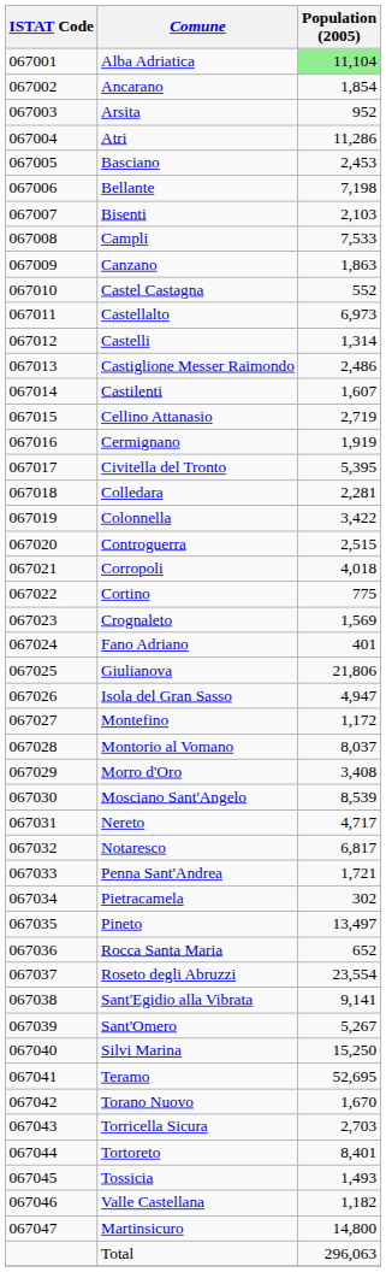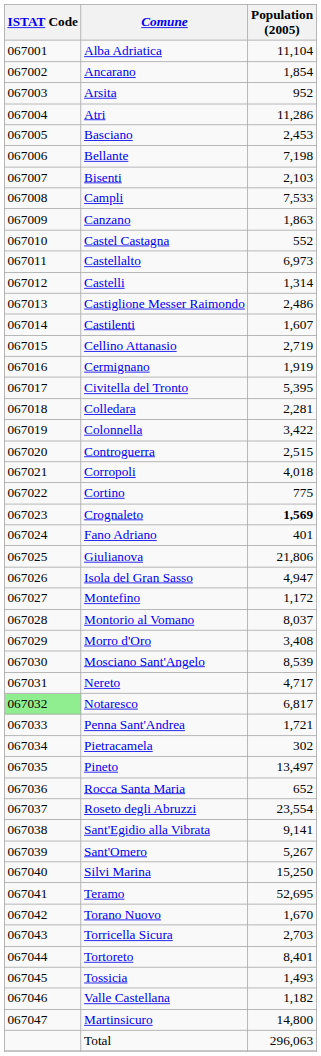 <table class="wikitable sortable">
 <tr>
 <th><a href='#'>ISTAT</a> Code</th>
 <th><em><a href='#'>Comune</a></em></th>
 <th>Population <br>(2005)</th>
 </tr>
 <tr>
 <td>067001</td>
 <td><a href='#'>Alba Adriatica</a></td>
-<td align="right" style="background: lightgreen;">11,104</td>
+<td align="right">11,104</td>
 </tr>
 <tr>
 <td>067002</td>
 <td><a href='#'>Ancarano</a></td>
 <td align="right">1,854</td>
 </tr>
 <tr>
 <td>067003</td>
 <td><a href='#'>Arsita</a></td>
 <td align="right">952</td>
 </tr>
 <tr>
 <td>067004</td>
 <td><a href='#'>Atri</a></td>
 <td align="right">11,286</td>
 </tr>
 <tr>
 <td>067005</td>
 <td><a href='#'>Basciano</a></td>
 <td align="right">2,453</td>
 </tr>
 <tr>
 <td>067006</td>
 <td><a href='#'>Bellante</a></td>
 <td align="right">7,198</td>
 </tr>
 <tr>
 <td>067007</td>
 <td><a href='#'>Bisenti</a></td>
 <td align="right">2,103</td>
 </tr>
 <tr>
 <td>067008</td>
 <td><a href='#'>Campli</a></td>
 <td align="right">7,533</td>
 </tr>
 <tr>
 <td>067009</td>
 <td><a href='#'>Canzano</a></td>
 <td align="right">1,863</td>
 </tr>
 <tr>
 <td>067010</td>
 <td><a href='#'>Castel Castagna</a></td>
 <td align="right">552</td>
 </tr>
 <tr>
 <td>067011</td>
 <td><a href='#'>Castellalto</a></td>
 <td align="right">6,973</td>
 </tr>
 <tr>
 <td>067012</td>
 <td><a href='#'>Castelli</a></td>
 <td align="right">1,314</td>
 </tr>
 <tr>
 <td>067013</td>
 <td><a href='#'>Castiglione Messer Raimondo</a></td>
 <td align="right">2,486</td>
 </tr>
 <tr>
 <td>067014</td>
 <td><a href='#'>Castilenti</a></td>
 <td align="right">1,607</td>
 </tr>
 <tr>
 <td>067015</td>
 <td><a href='#'>Cellino Attanasio</a></td>
 <td align="right">2,719</td>
 </tr>
 <tr>
 <td>067016</td>
 <td><a href='#'>Cermignano</a></td>
 <td align="right">1,919</td>
 </tr>
 <tr>
 <td>067017</td>
 <td><a href='#'>Civitella del Tronto</a></td>
 <td align="right">5,395</td>
 </tr>
 <tr>
 <td>067018</td>
 <td><a href='#'>Colledara</a></td>
 <td align="right">2,281</td>
 </tr>
 <tr>
 <td>067019</td>
 <td><a href='#'>Colonnella</a></td>
 <td align="right">3,422</td>
 </tr>
 <tr>
 <td>067020</td>
 <td><a href='#'>Controguerra</a></td>
 <td align="right">2,515</td>
 </tr>
 <tr>
 <td>067021</td>
 <td><a href='#'>Corropoli</a></td>
 <td align="right">4,018</td>
 </tr>
 <tr>
 <td>067022</td>
 <td><a href='#'>Cortino</a></td>
 <td align="right">775</td>
 </tr>
 <tr>
 <td>067023</td>
 <td><a href='#'>Crognaleto</a></td>
-<td align="right">1,569</td>
+<td align="right"><strong>1,569</strong></td>
 </tr>
 <tr>
 <td>067024</td>
 <td><a href='#'>Fano Adriano</a></td>
 <td align="right">401</td>
 </tr>
 <tr>
 <td>067025</td>
 <td><a href='#'>Giulianova</a></td>
 <td align="right">21,806</td>
 </tr>
 <tr>
 <td>067026</td>
 <td><a href='#'>Isola del Gran Sasso</a></td>
 <td align="right">4,947</td>
 </tr>
 <tr>
 <td>067027</td>
 <td><a href='#'>Montefino</a></td>
 <td align="right">1,172</td>
 </tr>
 <tr>
 <td>067028</td>
 <td><a href='#'>Montorio al Vomano</a></td>
 <td align="right">8,037</td>
 </tr>
 <tr>
 <td>067029</td>
 <td><a href='#'>Morro d'Oro</a></td>
 <td align="right">3,408</td>
 </tr>
 <tr>
 <td>067030</td>
 <td><a href='#'>Mosciano Sant'Angelo</a></td>
 <td align="right">8,539</td>
 </tr>
 <tr>
 <td>067031</td>
 <td><a href='#'>Nereto</a></td>
 <td align="right">4,717</td>
 </tr>
 <tr>
-<td>067032</td>
+<td style="background: lightgreen;">067032</td>
 <td><a href='#'>Notaresco</a></td>
 <td align="right">6,817</td>
 </tr>
 <tr>
 <td>067033</td>
 <td><a href='#'>Penna Sant'Andrea</a></td>
 <td align="right">1,721</td>
 </tr>
 <tr>
 <td>067034</td>
 <td><a href='#'>Pietracamela</a></td>
 <td align="right">302</td>
 </tr>
 <tr>
 <td>067035</td>
 <td><a href='#'>Pineto</a></td>
 <td align="right">13,497</td>
 </tr>
 <tr>
 <td>067036</td>
 <td><a href='#'>Rocca Santa Maria</a></td>
 <td align="right">652</td>
 </tr>
 <tr>
 <td>067037</td>
 <td><a href='#'>Roseto degli Abruzzi</a></td>
 <td align="right">23,554</td>
 </tr>
 <tr>
 <td>067038</td>
 <td><a href='#'>Sant'Egidio alla Vibrata</a></td>
 <td align="right">9,141</td>
 </tr>
 <tr>
 <td>067039</td>
 <td><a href='#'>Sant'Omero</a></td>
 <td align="right">5,267</td>
 </tr>
 <tr>
 <td>067040</td>
 <td><a href='#'>Silvi Marina</a></td>
 <td align="right">15,250</td>
 </tr>
 <tr>
 <td>067041</td>
 <td><a href='#'>Teramo</a></td>
 <td align="right">52,695</td>
 </tr>
 <tr>
 <td>067042</td>
 <td><a href='#'>Torano Nuovo</a></td>
 <td align="right">1,670</td>
 </tr>
 <tr>
 <td>067043</td>
 <td><a href='#'>Torricella Sicura</a></td>
 <td align="right">2,703</td>
 </tr>
 <tr>
 <td>067044</td>
 <td><a href='#'>Tortoreto</a></td>
 <td align="right">8,401</td>
 </tr>
 <tr>
 <td>067045</td>
 <td><a href='#'>Tossicia</a></td>
 <td align="right">1,493</td>
 </tr>
 <tr>
 <td>067046</td>
 <td><a href='#'>Valle Castellana</a></td>
 <td align="right">1,182</td>
 </tr>
 <tr>
 <td>067047</td>
 <td><a href='#'>Martinsicuro</a></td>
 <td align="right">14,800</td>
 </tr>
 <tr>
 <td></td>
 <td>Total</td>
 <td align="right">296,063</td>
 </tr>
 <tr>
 </tr>
 </table>
